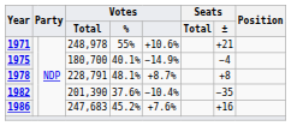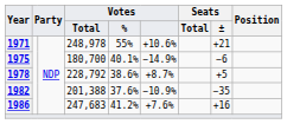 <table class="wikitable" style="font-size:90%; text-align:center;">
 <tr>
 <th rowspan="2" style="background:#eaecf0;">Year</th>
 <th colspan="2" rowspan="2" style="background:#eaecf0;">Party</th>
 <th colspan="3" style="background:#eaecf0;">Votes</th>
 <th colspan="2">Seats</th>
 <th rowspan="2">Position</th>
 </tr>
 <tr>
 <th style="background:#eaecf0;">Total</th>
 <th style="background:#eaecf0;">%</th>
 <th style="background:#eaecf0;"></th>
 <th>Total</th>
 <th>±</th>
 </tr>
 <tr>
 <th><a href='#'>1971</a></th>
 <td rowspan="5" style="background-color:"></td>
 <td rowspan="5"><a href='#'>NDP</a></td>
 <td>248,978</td>
 <td>55%</td>
 <td>+10.6%</td>
 <td></td>
 <td>+21</td>
 <td></td>
 </tr>
 <tr>
 <th><a href='#'>1975</a></th>
 <td>180,700</td>
 <td>40.1%</td>
 <td>−14.9%</td>
 <td></td>
-<td>−4</td>
+<td>−6</td>
 <td></td>
 </tr>
 <tr>
 <th><a href='#'>1978</a></th>
-<td>228,791</td>
-<td>48.1%</td>
+<td>228,792</td>
+<td>38.6%</td>
 <td>+8.7%</td>
 <td></td>
-<td>+8</td>
+<td>+5</td>
 <td></td>
 </tr>
 <tr>
 <th><a href='#'>1982</a></th>
-<td>201,390</td>
+<td>201,388</td>
 <td>37.6%</td>
-<td>−10.4%</td>
+<td>−10.9%</td>
 <td></td>
 <td>−35</td>
 <td></td>
 </tr>
 <tr>
 <th><a href='#'>1986</a></th>
 <td>247,683</td>
-<td>45.2%</td>
+<td>41.2%</td>
 <td>+7.6%</td>
 <td></td>
 <td>+16</td>
 <td></td>
 </tr>
 <tr>
 <th colspan="10" style="background:#eaecf0;"></th>
 </tr>
 </table>
